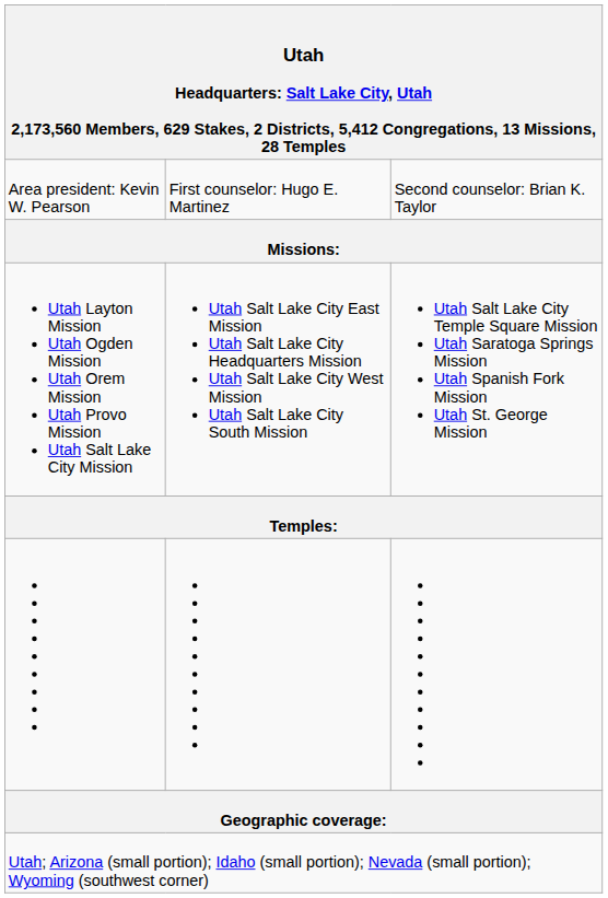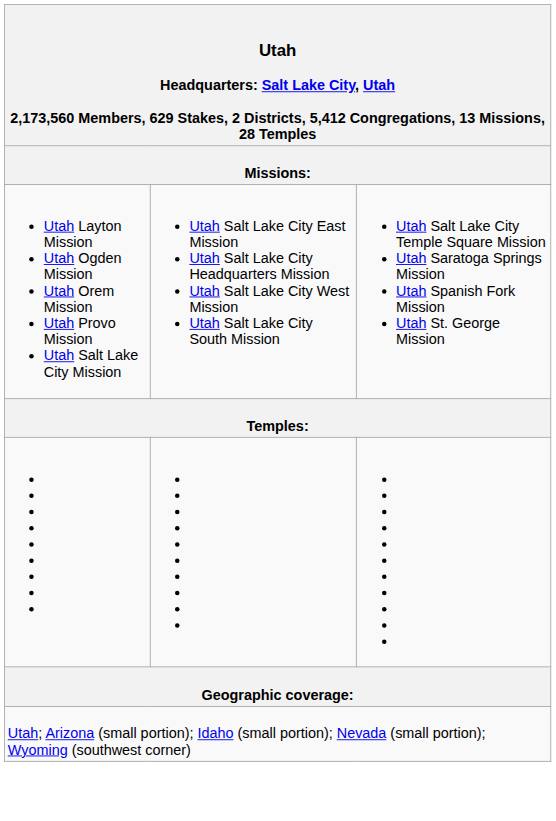 <table class=wikitable>
 <tr>
 <th colspan=3><br><h3>Utah</h3>Headquarters:  <a href='#'>Salt Lake City</a>, <a href='#'>Utah</a><br><br>2,173,560 Members, 629 Stakes, 2 Districts, 5,412 Congregations, 13 Missions, 28 Temples</th>
-</tr>
-<tr>
-<td style="vertical-align:top"><br>Area president: Kevin W. Pearson</td>
-<td style="vertical-align:top"><br>First counselor: Hugo E. Martinez</td>
-<td style="vertical-align:top"><br>Second counselor: Brian K. Taylor</td>
 </tr>
 <tr>
 <th colspan=3><br>Missions:</th>
 </tr>
 <tr>
 <td style="vertical-align:top"><br><ul><li><a href='#'>Utah</a> Layton Mission</li><li><a href='#'>Utah</a> Ogden Mission</li><li><a href='#'>Utah</a> Orem Mission</li><li><a href='#'>Utah</a> Provo Mission</li><li><a href='#'>Utah</a> Salt Lake City Mission</li></ul></td>
 <td style="vertical-align:top"><br><ul><li><a href='#'>Utah</a> Salt Lake City East Mission</li><li><a href='#'>Utah</a> Salt Lake City Headquarters Mission</li><li><a href='#'>Utah</a> Salt Lake City West Mission</li><li><a href='#'>Utah</a> Salt Lake City South Mission</li></ul></td>
 <td style="vertical-align:top"><br><ul><li><a href='#'>Utah</a> Salt Lake City Temple Square Mission</li><li><a href='#'>Utah</a> Saratoga Springs Mission</li><li><a href='#'>Utah</a> Spanish Fork Mission</li><li><a href='#'>Utah</a> St. George Mission</li></ul></td>
 </tr>
 <tr>
 <th colspan=3><br>Temples:</th>
 </tr>
 <tr>
 <td style="vertical-align:top"><br><ul><li></li><li></li><li></li><li></li><li></li><li></li><li></li><li></li><li></li></ul></td>
 <td style="vertical-align:top"><br><ul><li></li><li></li><li></li><li></li><li></li><li></li><li></li><li></li><li></li><li></li></ul></td>
 <td style="vertical-align:top"><br><ul><li></li><li></li><li></li><li></li><li></li><li></li><li></li><li></li><li></li><li></li><li></li></ul></td>
 </tr>
 <tr>
 <th colspan=3><br>Geographic coverage:</th>
 </tr>
 <tr>
 <td style="vertical-align:top" colspan=3><br><a href='#'>Utah</a>; <a href='#'>Arizona</a> (small portion); <a href='#'>Idaho</a> (small portion); <a href='#'>Nevada</a> (small portion); <a href='#'>Wyoming</a> (southwest corner)</td>
 </tr>
 </table>
